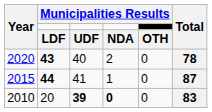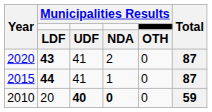 <table class="wikitable">
 <tr>
 <th rowspan="3">Year</th>
 <th colspan="4"><a href='#'>Municipalities Results</a></th>
 <th rowspan="3">Total</th>
 </tr>
 <tr>
 <td style="background:"></td>
 <td style="background:"></td>
 <td style="background:"></td>
 <td style="background:black"></td>
 </tr>
 <tr>
 <th>LDF</th>
 <th>UDF</th>
 <th>NDA</th>
 <th>OTH</th>
 </tr>
 <tr>
 <td><a href='#'>2020</a></td>
 <td><strong>43</strong></td>
-<td>40</td>
+<td>41</td>
 <td>2</td>
 <td>0</td>
-<th>78</th>
+<th>87</th>
 </tr>
 <tr>
 <td><a href='#'>2015</a></td>
 <td><strong>44</strong></td>
 <td>41</td>
 <td>1</td>
 <td>0</td>
 <th>87</th>
 </tr>
 <tr>
 <td>2010</td>
 <td>20</td>
-<td><strong>39</strong></td>
+<td><strong>40</strong></td>
 <td><strong>0</strong></td>
 <td>0</td>
-<th>83</th>
+<th>59</th>
 </tr>
 </table>
